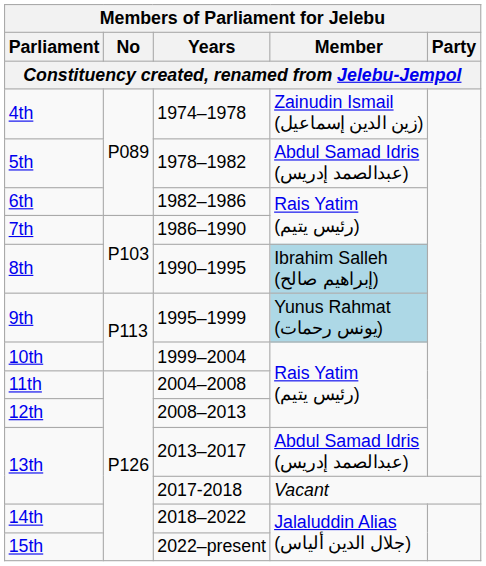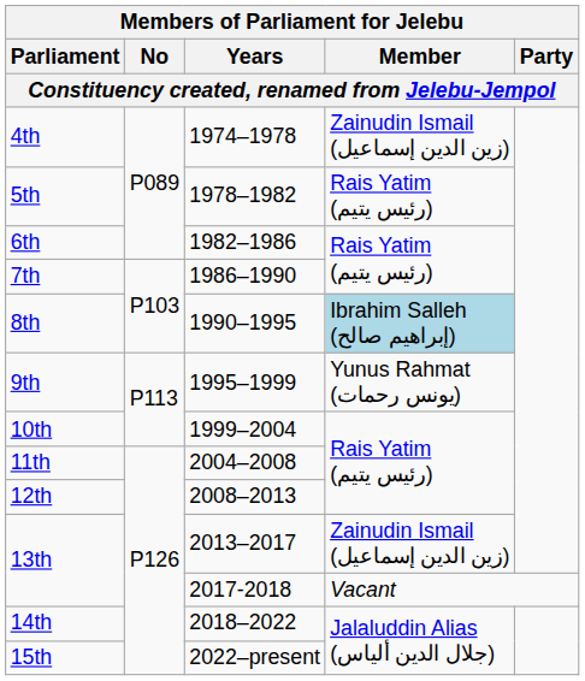 <table class=wikitable>
 <tr>
 <th colspan="5">Members of Parliament for Jelebu</th>
 </tr>
 <tr>
 <th>Parliament</th>
 <th>No</th>
 <th>Years</th>
 <th>Member</th>
 <th>Party</th>
 </tr>
 <tr>
 <th colspan="5" align="center"><em>Constituency created, renamed from <a href='#'>Jelebu-Jempol</a></em></th>
 </tr>
 <tr>
 <td><a href='#'>4th</a></td>
 <td rowspan="3">P089</td>
 <td>1974–1978</td>
 <td><a href='#'>Zainudin Ismail</a>  <br>(زين الدين إسماعيل)</td>
 <td rowspan=10></td>
 </tr>
 <tr>
 <td><a href='#'>5th</a></td>
 <td>1978–1982</td>
-<td><a href='#'>Abdul Samad Idris</a> <br> (عبدالصمد إدريس)</td>
+<td><a href='#'>Rais Yatim</a>  <br>(رئيس يتيم)</td>
 </tr>
 <tr>
 <td><a href='#'>6th</a></td>
 <td>1982–1986</td>
 <td rowspan=2><a href='#'>Rais Yatim</a> <br> (رئيس يتيم)</td>
 </tr>
 <tr>
 <td><a href='#'>7th</a></td>
 <td rowspan="2">P103</td>
 <td>1986–1990</td>
 </tr>
 <tr>
 <td><a href='#'>8th</a></td>
 <td>1990–1995</td>
 <td style="background: lightblue;">Ibrahim Salleh  <br>(إبراهيم صالح)</td>
 </tr>
 <tr>
 <td><a href='#'>9th</a></td>
 <td rowspan="2">P113</td>
 <td>1995–1999</td>
-<td style="background: lightblue;">Yunus Rahmat  <br>(يونس رحمات)</td>
+<td>Yunus Rahmat  <br>(يونس رحمات)</td>
 </tr>
 <tr>
 <td><a href='#'>10th</a></td>
 <td>1999–2004</td>
 <td rowspan=3><a href='#'>Rais Yatim</a>  <br>(رئيس يتيم)</td>
 </tr>
 <tr>
 <td><a href='#'>11th</a></td>
 <td rowspan="6">P126</td>
 <td>2004–2008</td>
 </tr>
 <tr>
 <td><a href='#'>12th</a></td>
 <td>2008–2013</td>
 </tr>
 <tr>
 <td rowspan=2><a href='#'>13th</a></td>
 <td>2013–2017</td>
-<td><a href='#'>Abdul Samad Idris</a> <br> (عبدالصمد إدريس)</td>
+<td><a href='#'>Zainudin Ismail</a>  <br>(زين الدين إسماعيل)</td>
 </tr>
 <tr>
 <td>2017-2018</td>
 <td colspan="2"><em>Vacant</em></td>
 </tr>
 <tr>
 <td><a href='#'>14th</a></td>
 <td>2018–2022</td>
 <td rowspan="2"><a href='#'>Jalaluddin Alias</a>  <br>(جلال الدين ألياس)</td>
 <td rowspan="2"></td>
 </tr>
 <tr>
 <td><a href='#'>15th</a></td>
 <td>2022–present</td>
 </tr>
 </table>
